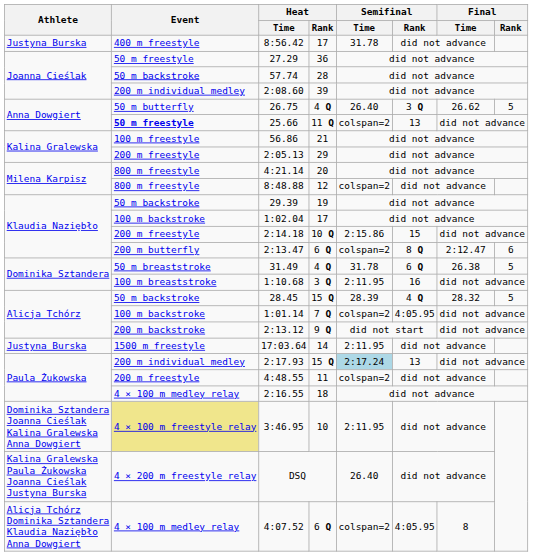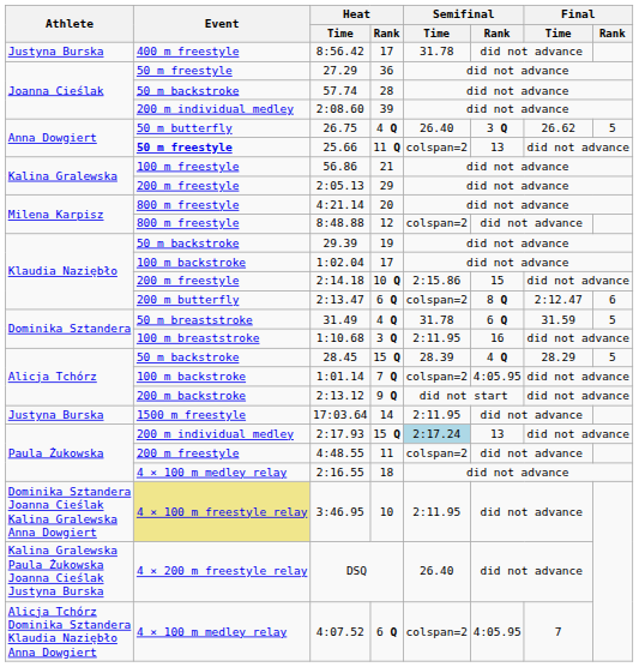 <table class=wikitable style="font-size:90%">
 <tr>
 <th rowspan="2">Athlete</th>
 <th rowspan="2">Event</th>
 <th colspan="2">Heat</th>
 <th colspan="2">Semifinal</th>
 <th colspan="2">Final</th>
 </tr>
 <tr style="font-size:95%">
 <th>Time</th>
 <th>Rank</th>
 <th>Time</th>
 <th>Rank</th>
 <th>Time</th>
 <th>Rank</th>
 </tr>
 <tr align=center>
 <td align=left><a href='#'>Justyna Burska</a></td>
 <td align=left><a href='#'>400 m freestyle</a></td>
 <td>8:56.42</td>
 <td>17</td>
 <td>31.78</td>
 <td colspan=2>did not advance</td>
 </tr>
 <tr align=center>
 <td align=left rowspan=3><a href='#'>Joanna Cieślak</a></td>
 <td align=left><a href='#'>50 m freestyle</a></td>
 <td>27.29</td>
 <td>36</td>
 <td colspan=4>did not advance</td>
 </tr>
 <tr align=center>
 <td align=left><a href='#'>50 m backstroke</a></td>
 <td>57.74</td>
 <td>28</td>
 <td colspan=4>did not advance</td>
 </tr>
 <tr align=center>
 <td align=left><a href='#'>200 m individual medley</a></td>
 <td>2:08.60</td>
 <td>39</td>
 <td colspan=4>did not advance</td>
 </tr>
 <tr align=center>
 <td align=left rowspan=2><a href='#'>Anna Dowgiert</a></td>
 <td align=left><a href='#'>50 m butterfly</a></td>
 <td>26.75</td>
 <td>4 <strong>Q</strong></td>
 <td>26.40</td>
 <td>3 <strong>Q</strong></td>
 <td>26.62</td>
 <td>5</td>
 </tr>
 <tr align=center>
 <td align=left><strong><a href='#'>50 m freestyle</a></strong></td>
 <td>25.66</td>
 <td>11 <strong>Q</strong></td>
 <td>colspan=2 </td>
 <td>13</td>
 <td colspan=2>did not advance</td>
 </tr>
 <tr align=center>
 <td align=left rowspan=2><a href='#'>Kalina Gralewska</a></td>
 <td align=left><a href='#'>100 m freestyle</a></td>
 <td>56.86</td>
 <td>21</td>
 <td colspan=4>did not advance</td>
 </tr>
 <tr align=center>
 <td align=left><a href='#'>200 m freestyle</a></td>
 <td>2:05.13</td>
 <td>29</td>
 <td colspan=4>did not advance</td>
 </tr>
 <tr align=center>
 <td align=left rowspan=2><a href='#'>Milena Karpisz</a></td>
 <td align=left><a href='#'>800 m freestyle</a></td>
 <td>4:21.14</td>
 <td>20</td>
 <td colspan=4>did not advance</td>
 </tr>
 <tr align=center>
 <td align=left><a href='#'>800 m freestyle</a></td>
 <td>8:48.88</td>
 <td>12</td>
 <td>colspan=2 </td>
 <td colspan=2>did not advance</td>
 </tr>
 <tr align=center>
 <td rowspan=4 align=left><a href='#'>Klaudia Naziębło</a></td>
 <td align=left><a href='#'>50 m backstroke</a></td>
 <td>29.39</td>
 <td>19</td>
 <td colspan=4>did not advance</td>
 </tr>
 <tr align=center>
 <td align=left><a href='#'>100 m backstroke</a></td>
 <td>1:02.04</td>
 <td>17</td>
 <td colspan=4>did not advance</td>
 </tr>
 <tr align=center>
 <td align=left><a href='#'>200 m freestyle</a></td>
 <td>2:14.18</td>
 <td>10 <strong>Q</strong></td>
 <td>2:15.86</td>
 <td>15</td>
 <td colspan=2>did not advance</td>
 </tr>
 <tr align=center>
 <td align=left><a href='#'>200 m butterfly</a></td>
 <td>2:13.47</td>
 <td>6 <strong>Q</strong></td>
 <td>colspan=2 </td>
 <td>8 <strong>Q</strong></td>
 <td>2:12.47</td>
 <td>6</td>
 </tr>
 <tr align=center>
 <td align=left rowspan=2><a href='#'>Dominika Sztandera</a></td>
 <td align=left><a href='#'>50 m breaststroke</a></td>
 <td>31.49</td>
 <td>4 <strong>Q</strong></td>
 <td>31.78</td>
 <td>6 <strong>Q</strong></td>
-<td>26.38</td>
+<td>31.59</td>
 <td>5</td>
 </tr>
 <tr align=center>
 <td align=left><a href='#'>100 m breaststroke</a></td>
 <td>1:10.68</td>
 <td>3 <strong>Q</strong></td>
 <td>2:11.95</td>
 <td>16</td>
 <td colspan=2>did not advance</td>
 </tr>
 <tr align=center>
 <td rowspan=3 align=left><a href='#'>Alicja Tchórz</a></td>
 <td align=left><a href='#'>50 m backstroke</a></td>
 <td>28.45</td>
 <td>15 <strong>Q</strong></td>
 <td>28.39</td>
 <td>4 <strong>Q</strong></td>
-<td>28.32</td>
+<td>28.29</td>
 <td>5</td>
 </tr>
 <tr align=center>
 <td align=left><a href='#'>100 m backstroke</a></td>
 <td>1:01.14</td>
 <td>7 <strong>Q</strong></td>
 <td>colspan=2 </td>
 <td>4:05.95</td>
 <td colspan=2>did not advance</td>
 </tr>
 <tr align=center>
 <td align=left><a href='#'>200 m backstroke</a></td>
 <td>2:13.12</td>
 <td>9 <strong>Q</strong></td>
 <td colspan=2>did not start</td>
 <td colspan=2>did not advance</td>
 </tr>
 <tr align=center>
 <td align=left><a href='#'>Justyna Burska</a></td>
 <td align=left><a href='#'>1500 m freestyle</a></td>
 <td>17:03.64</td>
 <td>14</td>
 <td>2:11.95</td>
 <td colspan=2>did not advance</td>
 </tr>
 <tr align=center>
 <td rowspan=3 align=left><a href='#'>Paula Żukowska</a></td>
 <td align=left><a href='#'>200 m individual medley</a></td>
 <td>2:17.93</td>
 <td>15 <strong>Q</strong></td>
 <td style="background: lightblue;">2:17.24</td>
 <td>13</td>
 <td colspan=2>did not advance</td>
 </tr>
 <tr align=center>
 <td align=left><a href='#'>200 m freestyle</a></td>
 <td>4:48.55</td>
 <td>11</td>
 <td>colspan=2 </td>
 <td colspan=2>did not advance</td>
 </tr>
 <tr align=center>
 <td align=left><a href='#'>4 × 100 m medley relay</a></td>
 <td>2:16.55</td>
 <td>18</td>
 <td colspan=4>did not advance</td>
 </tr>
 <tr align=center>
 <td align=left><a href='#'>Dominika Sztandera</a><br><a href='#'>Joanna Cieślak</a><br><a href='#'>Kalina Gralewska</a><br><a href='#'>Anna Dowgiert</a></td>
 <td align=left style="background: khaki;"><a href='#'>4 × 100 m freestyle relay</a></td>
 <td>3:46.95</td>
 <td>10</td>
 <td>2:11.95</td>
 <td colspan=2>did not advance</td>
 </tr>
 <tr align=center>
 <td align=left><a href='#'>Kalina Gralewska</a><br><a href='#'>Paula Żukowska</a><br><a href='#'>Joanna Cieślak</a><br><a href='#'>Justyna Burska</a></td>
 <td align=left><a href='#'>4 × 200 m freestyle relay</a></td>
 <td colspan=2>DSQ</td>
 <td>26.40</td>
 <td colspan=2>did not advance</td>
 </tr>
 <tr align=center>
 <td align=left><a href='#'>Alicja Tchórz</a><br><a href='#'>Dominika Sztandera</a><br><a href='#'>Klaudia Naziębło</a><br><a href='#'>Anna Dowgiert</a></td>
 <td align=left><a href='#'>4 × 100 m medley relay</a></td>
 <td>4:07.52</td>
 <td>6 <strong>Q</strong></td>
 <td>colspan=2 </td>
 <td>4:05.95</td>
-<td>8</td>
+<td>7</td>
 </tr>
 </table>
